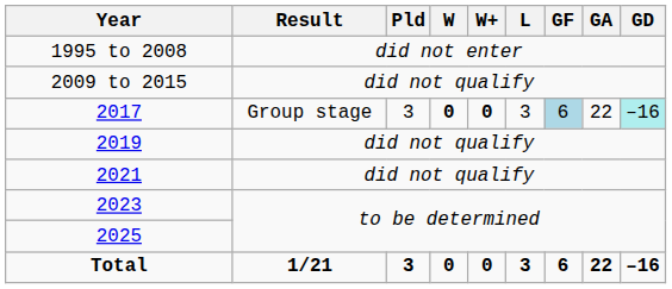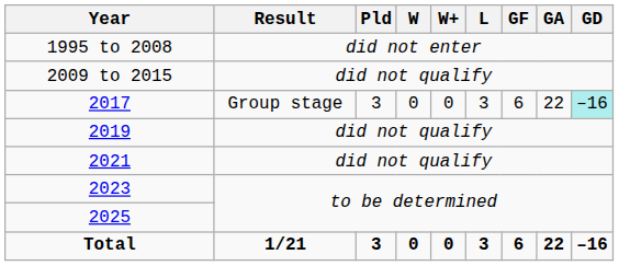 <table class="wikitable" style="text-align: center;">
 <tr>
 <th width=150>Year</th>
 <th width=100>Result</th>
 <th width=20>Pld</th>
 <th width=20>W</th>
 <th width=20>W+</th>
 <th width=20>L</th>
 <th width=20>GF</th>
 <th width=20>GA</th>
 <th width=25>GD</th>
 </tr>
 <tr>
 <td>1995 to 2008</td>
 <td colspan=8><em>did not enter</em></td>
 </tr>
 <tr>
 <td>2009 to 2015</td>
 <td colspan=8><em>did not qualify</em></td>
 </tr>
 <tr>
 <td> <a href='#'>2017</a></td>
 <td>Group stage</td>
 <td>3</td>
-<td><strong>0</strong></td>
-<td><strong>0</strong></td>
+<td>0</td>
+<td>0</td>
 <td>3</td>
-<td style="background: lightblue;">6</td>
+<td>6</td>
 <td>22</td>
 <td style="background: paleturquoise;">–16</td>
 </tr>
 <tr>
 <td> <a href='#'>2019</a></td>
 <td colspan=8><em>did not qualify</em></td>
 </tr>
 <tr>
 <td> <a href='#'>2021</a></td>
 <td colspan=8><em>did not qualify</em></td>
 </tr>
 <tr>
 <td> <a href='#'>2023</a></td>
 <td rowspan=2 colspan=8><em>to be determined</em></td>
 </tr>
 <tr>
 <td> <a href='#'>2025</a></td>
 </tr>
 <tr>
 <td><strong>Total</strong></td>
 <td><strong>1/21</strong></td>
 <td><strong>3</strong></td>
 <td><strong>0</strong></td>
 <td><strong>0</strong></td>
 <td><strong>3</strong></td>
 <td><strong>6</strong></td>
 <td><strong>22</strong></td>
 <td><strong>–16</strong></td>
 </tr>
 </table>
